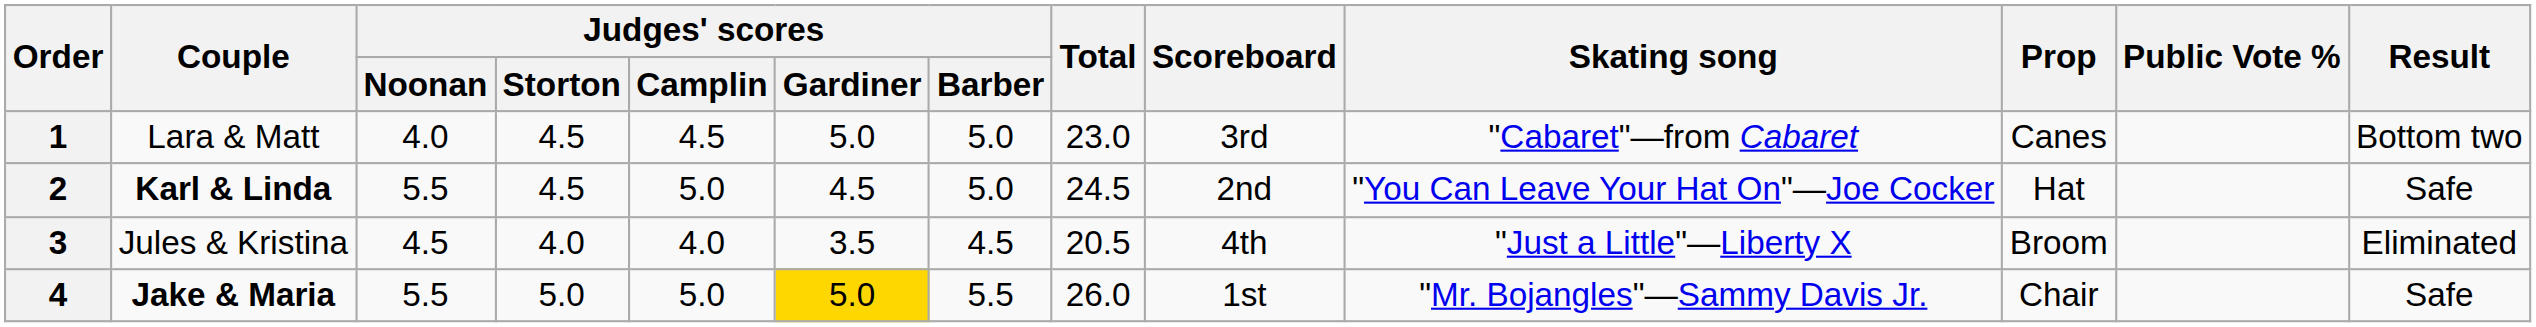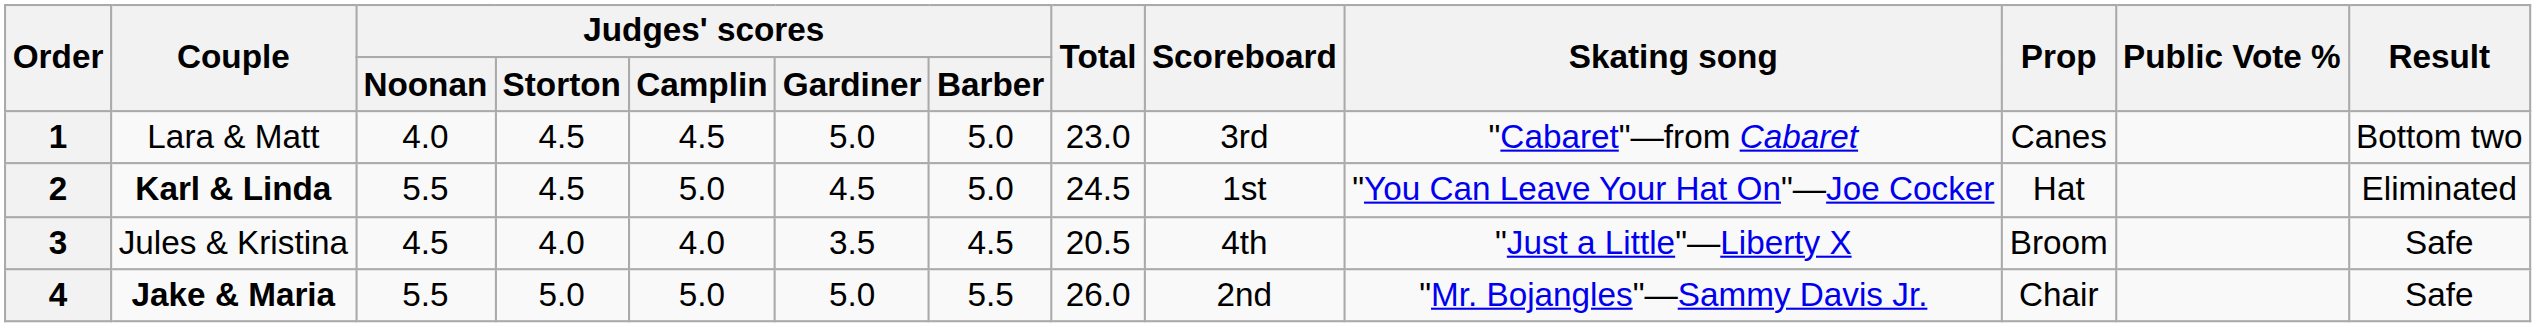 <table class="wikitable plainrowheaders" style="text-align:center;">
 <tr>
 <th scope="col" rowspan="2">Order</th>
 <th scope="col" rowspan="2">Couple</th>
 <th scope="col" colspan="5">Judges' scores</th>
 <th scope="col" rowspan="2">Total</th>
 <th scope="col" rowspan="2">Scoreboard</th>
 <th scope="col" rowspan="2">Skating song</th>
 <th scope="col" rowspan="2">Prop</th>
 <th scope="col" rowspan="2">Public Vote %</th>
 <th scope="col" rowspan="2">Result</th>
 </tr>
 <tr>
 <th scope="col">Noonan</th>
 <th>Storton</th>
 <th>Camplin</th>
 <th>Gardiner</th>
 <th>Barber</th>
 </tr>
 <tr>
 <th scope=col>1</th>
 <td>Lara & Matt</td>
 <td>4.0</td>
 <td>4.5</td>
 <td>4.5</td>
 <td>5.0</td>
 <td>5.0</td>
 <td>23.0</td>
 <td>3rd</td>
 <td>"<a href='#'>Cabaret</a>"—from <em><a href='#'>Cabaret</a></em></td>
 <td>Canes</td>
 <td></td>
 <td>Bottom two</td>
 </tr>
 <tr>
 <th scope=col>2</th>
 <td><strong>Karl & Linda</strong></td>
 <td>5.5</td>
 <td>4.5</td>
 <td>5.0</td>
 <td>4.5</td>
 <td>5.0</td>
 <td>24.5</td>
-<td>2nd</td>
+<td>1st</td>
 <td>"<a href='#'>You Can Leave Your Hat On</a>"—<a href='#'>Joe Cocker</a></td>
 <td>Hat</td>
 <td></td>
-<td>Safe</td>
+<td>Eliminated</td>
 </tr>
 <tr>
 <th scope=col>3</th>
 <td>Jules & Kristina</td>
 <td>4.5</td>
 <td>4.0</td>
 <td>4.0</td>
 <td>3.5</td>
 <td>4.5</td>
 <td>20.5</td>
 <td>4th</td>
 <td>"<a href='#'>Just a Little</a>"—<a href='#'>Liberty X</a></td>
 <td>Broom</td>
 <td></td>
-<td>Eliminated</td>
+<td>Safe</td>
 </tr>
 <tr>
 <th scope=col>4</th>
 <td><strong>Jake & Maria</strong></td>
 <td>5.5</td>
 <td>5.0</td>
 <td>5.0</td>
-<td style="background: gold;">5.0</td>
+<td>5.0</td>
 <td>5.5</td>
 <td>26.0</td>
-<td>1st</td>
+<td>2nd</td>
 <td>"<a href='#'>Mr. Bojangles</a>"—<a href='#'>Sammy Davis Jr.</a></td>
 <td>Chair</td>
 <td></td>
 <td>Safe</td>
 </tr>
 </table>
